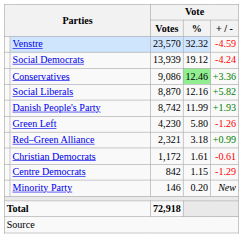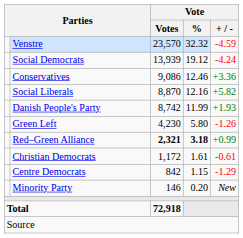 <table class="wikitable" style="text-align:right;">
 <tr>
 <th style="text-align:centre;" rowspan="2" colspan="2" width="225">Parties</th>
 <th colspan="3">Vote</th>
 </tr>
 <tr>
 <th width="15">Votes</th>
 <th width="15">%</th>
 <th width="15">+ / -</th>
 </tr>
 <tr>
 <td width="2" style="color:inherit;background:"></td>
 <td bgcolor=#cfe5fe  align="left"><a href='#'>Venstre</a></td>
 <td bgcolor=#cfe5fe>23,570</td>
 <td bgcolor=#cfe5fe>32.32</td>
 <td style=color:red;>-4.59</td>
 </tr>
 <tr>
 <td width="2" style="color:inherit;background:"></td>
 <td align="left"><a href='#'>Social Democrats</a></td>
 <td>13,939</td>
 <td>19.12</td>
 <td style=color:red;>-4.24</td>
 </tr>
 <tr>
 <td width="2" style="color:inherit;background:"></td>
 <td align="left"><a href='#'>Conservatives</a></td>
 <td>9,086</td>
-<td style="background: lightgreen;">12.46</td>
+<td>12.46</td>
 <td style=color:green;>+3.36</td>
 </tr>
 <tr>
 <td width="2" style="color:inherit;background:"></td>
 <td align="left"><a href='#'>Social Liberals</a></td>
 <td>8,870</td>
 <td>12.16</td>
 <td style=color:green;>+5.82</td>
 </tr>
 <tr>
 <td width="2" style="color:inherit;background:"></td>
 <td align="left"><a href='#'>Danish People's Party</a></td>
 <td>8,742</td>
 <td>11.99</td>
 <td style=color:green;>+1.93</td>
 </tr>
 <tr>
 <td width="2" style="color:inherit;background:"></td>
 <td align="left"><a href='#'>Green Left</a></td>
 <td>4,230</td>
 <td>5.80</td>
 <td style=color:red;>-1.26</td>
 </tr>
 <tr>
 <td width="2" style="color:inherit;background:"></td>
 <td align="left"><a href='#'>Red–Green Alliance</a></td>
-<td>2,321</td>
-<td>3.18</td>
+<td><strong>2,321</strong></td>
+<td><strong>3.18</strong></td>
 <td style=color:green;>+0.99</td>
 </tr>
 <tr>
 <td width="2" style="color:inherit;background:"></td>
 <td align="left"><a href='#'>Christian Democrats</a></td>
 <td>1,172</td>
 <td>1.61</td>
 <td style=color:red;>-0.61</td>
 </tr>
 <tr>
 <td width="2" style="color:inherit;background:"></td>
 <td align="left"><a href='#'>Centre Democrats</a></td>
 <td>842</td>
 <td>1.15</td>
 <td style=color:red;>-1.29</td>
 </tr>
 <tr>
 <td width="2" style="color:inherit;background:"></td>
 <td align="left"><a href='#'>Minority Party</a></td>
 <td>146</td>
 <td>0.20</td>
 <td><em>New</em></td>
 </tr>
 <tr>
 <td colspan="7" bgcolor="#E9E9E9"></td>
 </tr>
 <tr>
 <td align="left" colspan="2"><strong>Total</strong></td>
 <td><strong>72,918</strong></td>
 <td bgcolor="#E9E9E9" colspan="2"></td>
 </tr>
 <tr>
 <td align="left" colspan="6">Source</td>
 </tr>
 </table>
